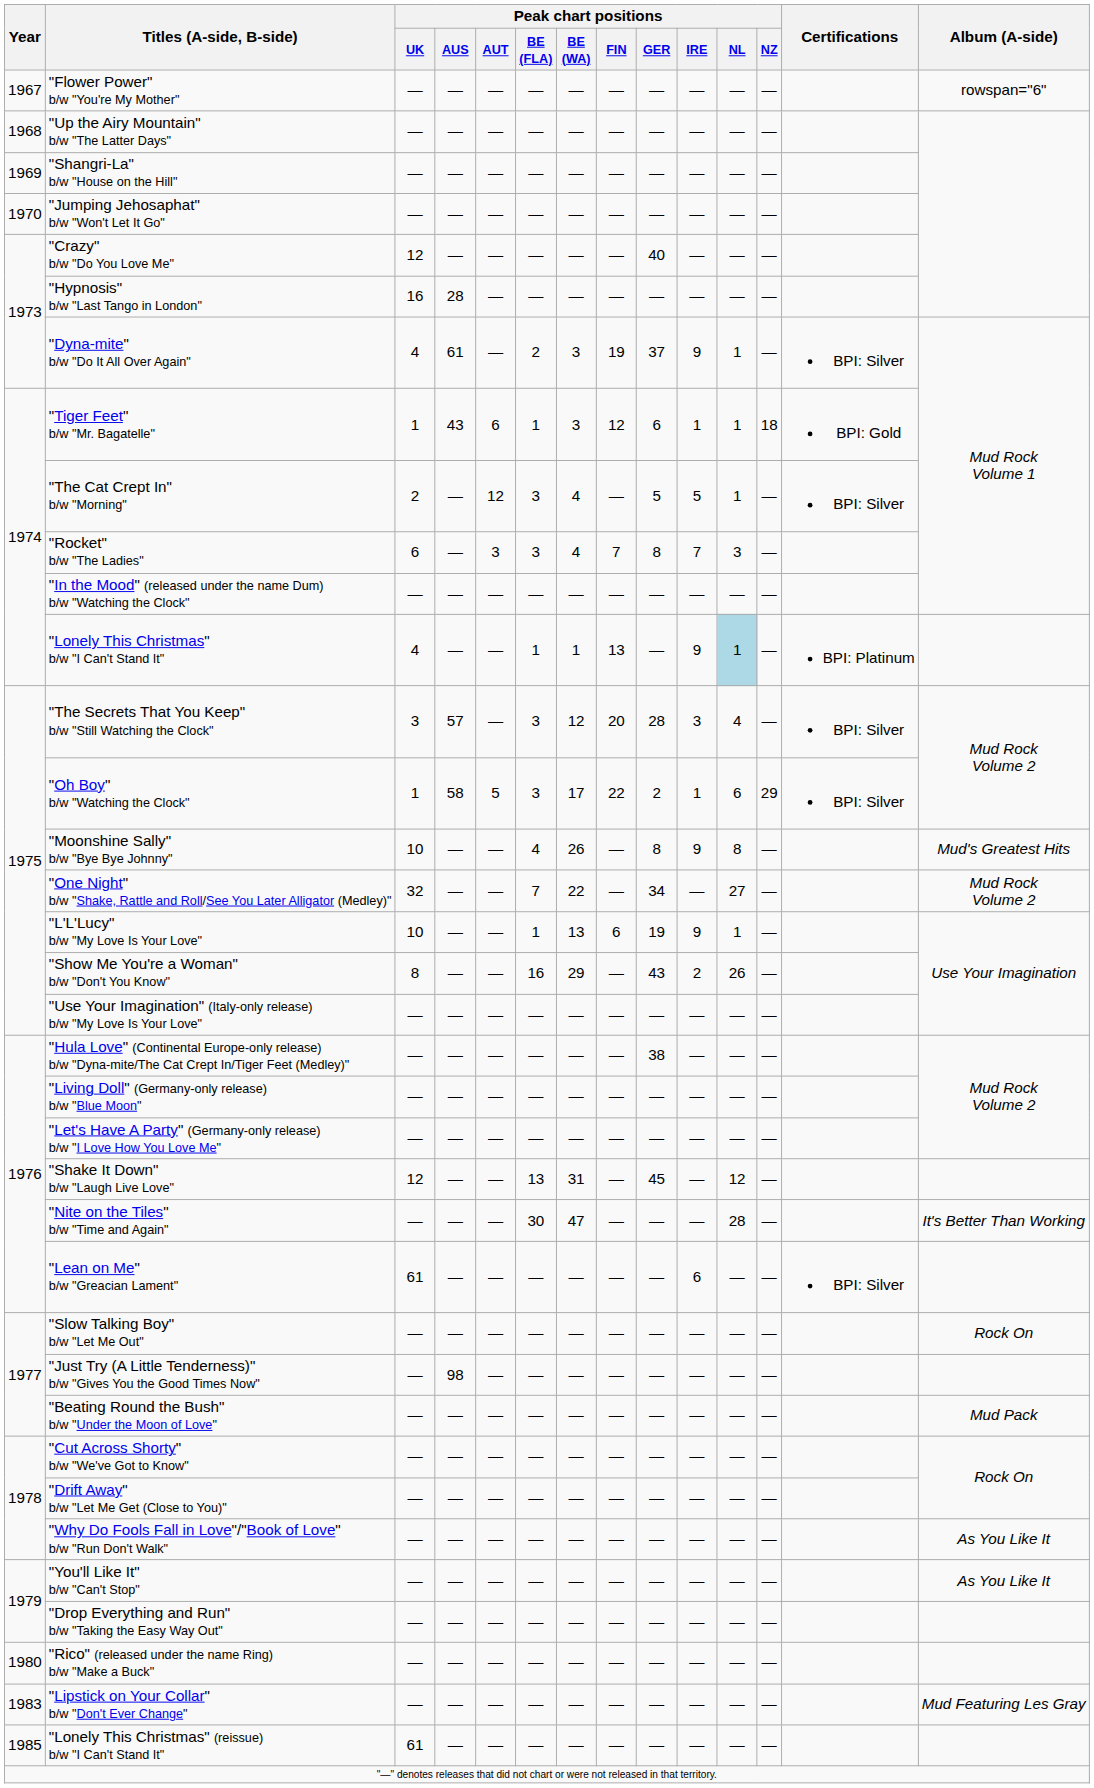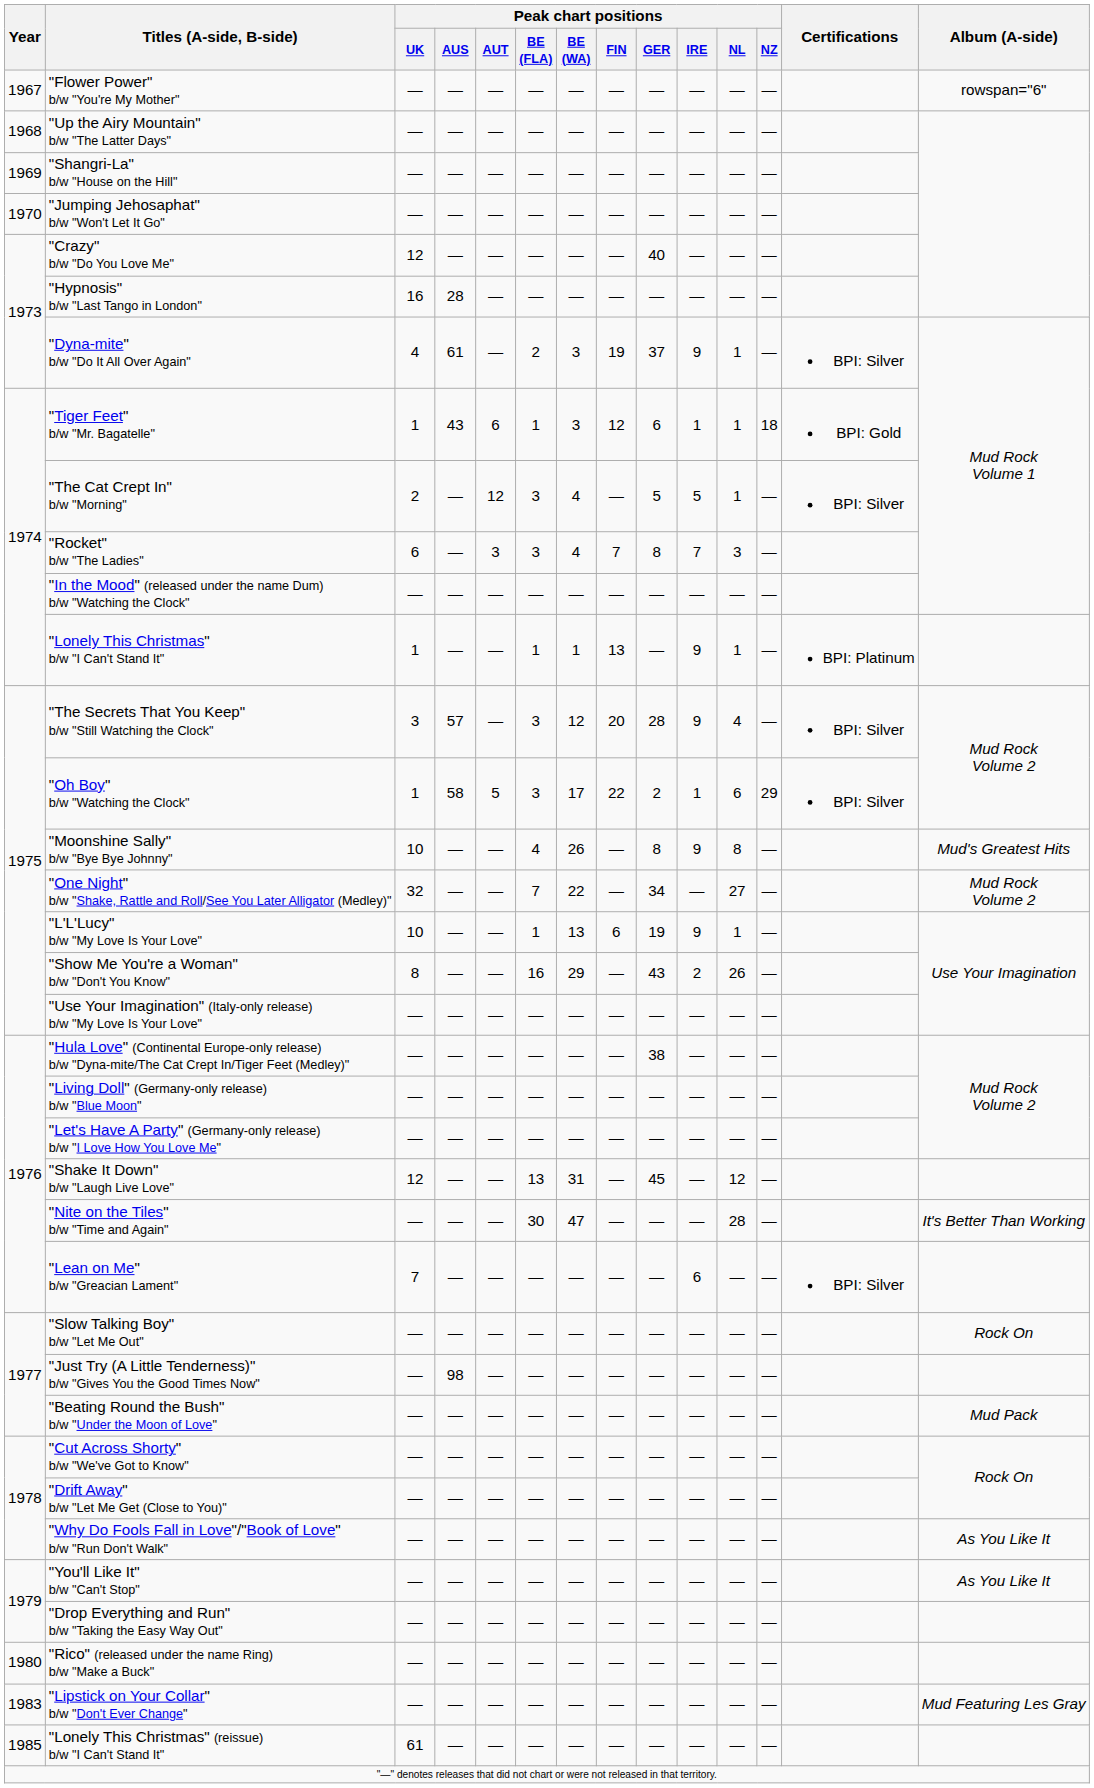 <table class="wikitable" style="text-align:center;">
 <tr>
 <th rowspan="2">Year</th>
 <th rowspan="2">Titles (A-side, B-side)</th>
 <th colspan="10">Peak chart positions</th>
 <th rowspan="2">Certifications</th>
 <th rowspan="2">Album (A-side)</th>
 </tr>
 <tr>
 <th width="35"><small><a href='#'>UK</a></small><br></th>
 <th width="35"><small><a href='#'>AUS</a></small><br></th>
 <th width="35"><small><a href='#'>AUT</a></small><br></th>
 <th width="35"><small><a href='#'>BE (FLA)</a></small><br></th>
 <th width="35"><small><a href='#'>BE (WA)</a></small><br></th>
 <th width="35"><small><a href='#'>FIN</a></small><br></th>
 <th width="35"><small><a href='#'>GER</a></small><br></th>
 <th width="35"><small><a href='#'>IRE</a></small><br></th>
 <th width="35"><small><a href='#'>NL</a></small><br></th>
 <th><small><a href='#'>NZ</a></small><br></th>
 </tr>
 <tr>
 <td rowspan="1">1967</td>
 <td align="left">"Flower Power"<br><small>b/w "You're My Mother"</small></td>
 <td>—</td>
 <td>—</td>
 <td>—</td>
 <td>—</td>
 <td>—</td>
 <td>—</td>
 <td>—</td>
 <td>—</td>
 <td>—</td>
 <td>—</td>
 <td></td>
 <td>rowspan="6" </td>
 </tr>
 <tr>
 <td rowspan="1">1968</td>
 <td align="left">"Up the Airy Mountain"<br><small>b/w "The Latter Days"</small></td>
 <td>—</td>
 <td>—</td>
 <td>—</td>
 <td>—</td>
 <td>—</td>
 <td>—</td>
 <td>—</td>
 <td>—</td>
 <td>—</td>
 <td>—</td>
 <td></td>
 </tr>
 <tr>
 <td rowspan="1">1969</td>
 <td align="left">"Shangri-La"<br><small>b/w "House on the Hill"</small></td>
 <td>—</td>
 <td>—</td>
 <td>—</td>
 <td>—</td>
 <td>—</td>
 <td>—</td>
 <td>—</td>
 <td>—</td>
 <td>—</td>
 <td>—</td>
 <td></td>
 </tr>
 <tr>
 <td rowspan="1">1970</td>
 <td align="left">"Jumping Jehosaphat"<br><small>b/w "Won't Let It Go"</small></td>
 <td>—</td>
 <td>—</td>
 <td>—</td>
 <td>—</td>
 <td>—</td>
 <td>—</td>
 <td>—</td>
 <td>—</td>
 <td>—</td>
 <td>—</td>
 <td></td>
 </tr>
 <tr>
 <td rowspan="3">1973</td>
 <td align="left">"Crazy"<br><small>b/w "Do You Love Me"</small></td>
 <td>12</td>
 <td>—</td>
 <td>—</td>
 <td>—</td>
 <td>—</td>
 <td>—</td>
 <td>40</td>
 <td>—</td>
 <td>—</td>
 <td>—</td>
 <td></td>
 </tr>
 <tr>
 <td align="left">"Hypnosis"<br><small>b/w "Last Tango in London"</small></td>
 <td>16</td>
 <td>28</td>
 <td>—</td>
 <td>—</td>
 <td>—</td>
 <td>—</td>
 <td>—</td>
 <td>—</td>
 <td>—</td>
 <td>—</td>
 <td></td>
 </tr>
 <tr>
 <td align="left">"<a href='#'>Dyna-mite</a>"<br><small>b/w "Do It All Over Again"</small></td>
 <td>4</td>
 <td>61</td>
 <td>—</td>
 <td>2</td>
 <td>3</td>
 <td>19</td>
 <td>37</td>
 <td>9</td>
 <td>1</td>
 <td>—</td>
 <td><br><ul><li>BPI: Silver</li></ul></td>
 <td rowspan="5"><em>Mud Rock<br>Volume 1</em></td>
 </tr>
 <tr>
 <td rowspan="5">1974</td>
 <td align="left">"<a href='#'>Tiger Feet</a>"<br><small>b/w "Mr. Bagatelle"</small></td>
 <td>1</td>
 <td>43</td>
 <td>6</td>
 <td>1</td>
 <td>3</td>
 <td>12</td>
 <td>6</td>
 <td>1</td>
 <td>1</td>
 <td>18</td>
 <td><br><ul><li>BPI: Gold</li></ul></td>
 </tr>
 <tr>
 <td align="left">"The Cat Crept In"<br><small>b/w "Morning"</small></td>
 <td>2</td>
 <td>—</td>
 <td>12</td>
 <td>3</td>
 <td>4</td>
 <td>—</td>
 <td>5</td>
 <td>5</td>
 <td>1</td>
 <td>—</td>
 <td><br><ul><li>BPI: Silver</li></ul></td>
 </tr>
 <tr>
 <td align="left">"Rocket"<br><small>b/w "The Ladies"</small></td>
 <td>6</td>
 <td>—</td>
 <td>3</td>
 <td>3</td>
 <td>4</td>
 <td>7</td>
 <td>8</td>
 <td>7</td>
 <td>3</td>
 <td>—</td>
 <td></td>
 </tr>
 <tr>
 <td align="left">"<a href='#'>In the Mood</a>" <small>(released under the name Dum)</small><br><small>b/w "Watching the Clock"</small></td>
 <td>—</td>
 <td>—</td>
 <td>—</td>
 <td>—</td>
 <td>—</td>
 <td>—</td>
 <td>—</td>
 <td>—</td>
 <td>—</td>
 <td>—</td>
 <td></td>
 </tr>
 <tr>
 <td align="left">"<a href='#'>Lonely This Christmas</a>"<br><small>b/w "I Can't Stand It"</small></td>
-<td>4</td>
+<td>1</td>
 <td>—</td>
 <td>—</td>
 <td>1</td>
 <td>1</td>
 <td>13</td>
 <td>—</td>
 <td>9</td>
-<td style="background: lightblue;">1</td>
+<td>1</td>
 <td>—</td>
 <td><br><ul><li>BPI: Platinum</li></ul></td>
 <td></td>
 </tr>
 <tr>
 <td rowspan="7">1975</td>
 <td align="left">"The Secrets That You Keep"<br><small>b/w "Still Watching the Clock"</small></td>
 <td>3</td>
 <td>57</td>
 <td>—</td>
 <td>3</td>
 <td>12</td>
 <td>20</td>
 <td>28</td>
-<td>3</td>
+<td>9</td>
 <td>4</td>
 <td>—</td>
 <td><br><ul><li>BPI: Silver</li></ul></td>
 <td rowspan="2"><em>Mud Rock<br>Volume 2</em></td>
 </tr>
 <tr>
 <td align="left">"<a href='#'>Oh Boy</a>"<br><small>b/w "Watching the Clock"</small></td>
 <td>1</td>
 <td>58</td>
 <td>5</td>
 <td>3</td>
 <td>17</td>
 <td>22</td>
 <td>2</td>
 <td>1</td>
 <td>6</td>
 <td>29</td>
 <td><br><ul><li>BPI: Silver</li></ul></td>
 </tr>
 <tr>
 <td align="left">"Moonshine Sally"<br><small>b/w "Bye Bye Johnny"</small></td>
 <td>10</td>
 <td>—</td>
 <td>—</td>
 <td>4</td>
 <td>26</td>
 <td>—</td>
 <td>8</td>
 <td>9</td>
 <td>8</td>
 <td>—</td>
 <td></td>
 <td><em>Mud's Greatest Hits</em></td>
 </tr>
 <tr>
 <td align="left">"<a href='#'>One Night</a>"<br><small>b/w "<a href='#'>Shake, Rattle and Roll</a>/<a href='#'>See You Later Alligator</a> (Medley)"</small></td>
 <td>32</td>
 <td>—</td>
 <td>—</td>
 <td>7</td>
 <td>22</td>
 <td>—</td>
 <td>34</td>
 <td>—</td>
 <td>27</td>
 <td>—</td>
 <td></td>
 <td><em>Mud Rock<br>Volume 2</em></td>
 </tr>
 <tr>
 <td align="left">"L'L'Lucy"<br><small>b/w "My Love Is Your Love"</small></td>
 <td>10</td>
 <td>—</td>
 <td>—</td>
 <td>1</td>
 <td>13</td>
 <td>6</td>
 <td>19</td>
 <td>9</td>
 <td>1</td>
 <td>—</td>
 <td></td>
 <td rowspan="3"><em>Use Your Imagination</em></td>
 </tr>
 <tr>
 <td align="left">"Show Me You're a Woman"<br><small>b/w "Don't You Know"</small></td>
 <td>8</td>
 <td>—</td>
 <td>—</td>
 <td>16</td>
 <td>29</td>
 <td>—</td>
 <td>43</td>
 <td>2</td>
 <td>26</td>
 <td>—</td>
 <td></td>
 </tr>
 <tr>
 <td align="left">"Use Your Imagination" <small>(Italy-only release)</small><br><small>b/w "My Love Is Your Love"</small></td>
 <td>—</td>
 <td>—</td>
 <td>—</td>
 <td>—</td>
 <td>—</td>
 <td>—</td>
 <td>—</td>
 <td>—</td>
 <td>—</td>
 <td>—</td>
 <td></td>
 </tr>
 <tr>
 <td rowspan="6">1976</td>
 <td align="left">"<a href='#'>Hula Love</a>" <small>(Continental Europe-only release)</small><br><small>b/w "Dyna-mite/The Cat Crept In/Tiger Feet (Medley)"</small></td>
 <td>—</td>
 <td>—</td>
 <td>—</td>
 <td>—</td>
 <td>—</td>
 <td>—</td>
 <td>38</td>
 <td>—</td>
 <td>—</td>
 <td>—</td>
 <td></td>
 <td rowspan="3"><em>Mud Rock<br>Volume 2</em></td>
 </tr>
 <tr>
 <td align="left">"<a href='#'>Living Doll</a>" <small>(Germany-only release)</small><br><small>b/w "<a href='#'>Blue Moon</a>"</small></td>
 <td>—</td>
 <td>—</td>
 <td>—</td>
 <td>—</td>
 <td>—</td>
 <td>—</td>
 <td>—</td>
 <td>—</td>
 <td>—</td>
 <td>—</td>
 <td></td>
 </tr>
 <tr>
 <td align="left">"<a href='#'>Let's Have A Party</a>" <small>(Germany-only release)</small><br><small>b/w "<a href='#'>I Love How You Love Me</a>"</small></td>
 <td>—</td>
 <td>—</td>
 <td>—</td>
 <td>—</td>
 <td>—</td>
 <td>—</td>
 <td>—</td>
 <td>—</td>
 <td>—</td>
 <td>—</td>
 <td></td>
 </tr>
 <tr>
 <td align="left">"Shake It Down"<br><small>b/w "Laugh Live Love"</small></td>
 <td>12</td>
 <td>—</td>
 <td>—</td>
 <td>13</td>
 <td>31</td>
 <td>—</td>
 <td>45</td>
 <td>—</td>
 <td>12</td>
 <td>—</td>
 <td></td>
 <td></td>
 </tr>
 <tr>
 <td align="left">"<a href='#'>Nite on the Tiles</a>"<br><small>b/w "Time and Again"</small></td>
 <td>—</td>
 <td>—</td>
 <td>—</td>
 <td>30</td>
 <td>47</td>
 <td>—</td>
 <td>—</td>
 <td>—</td>
 <td>28</td>
 <td>—</td>
 <td></td>
 <td><em>It's Better Than Working</em></td>
 </tr>
 <tr>
 <td align="left">"<a href='#'>Lean on Me</a>"<br><small>b/w "Greacian Lament"</small></td>
-<td>61</td>
+<td>7</td>
 <td>—</td>
 <td>—</td>
 <td>—</td>
 <td>—</td>
 <td>—</td>
 <td>—</td>
 <td>6</td>
 <td>—</td>
 <td>—</td>
 <td><br><ul><li>BPI: Silver</li></ul></td>
 <td></td>
 </tr>
 <tr>
 <td rowspan="3">1977</td>
 <td align="left">"Slow Talking Boy"<br><small>b/w "Let Me Out"</small></td>
 <td>—</td>
 <td>—</td>
 <td>—</td>
 <td>—</td>
 <td>—</td>
 <td>—</td>
 <td>—</td>
 <td>—</td>
 <td>—</td>
 <td>—</td>
 <td></td>
 <td><em>Rock On</em></td>
 </tr>
 <tr>
 <td align="left">"Just Try (A Little Tenderness)"<br><small>b/w "Gives You the Good Times Now"</small></td>
 <td>—</td>
 <td>98</td>
 <td>—</td>
 <td>—</td>
 <td>—</td>
 <td>—</td>
 <td>—</td>
 <td>—</td>
 <td>—</td>
 <td>—</td>
 <td></td>
 <td></td>
 </tr>
 <tr>
 <td align="left">"Beating Round the Bush"<br><small>b/w "<a href='#'>Under the Moon of Love</a>"</small></td>
 <td>—</td>
 <td>—</td>
 <td>—</td>
 <td>—</td>
 <td>—</td>
 <td>—</td>
 <td>—</td>
 <td>—</td>
 <td>—</td>
 <td>—</td>
 <td></td>
 <td><em>Mud Pack</em></td>
 </tr>
 <tr>
 <td rowspan="3">1978</td>
 <td align="left">"<a href='#'>Cut Across Shorty</a>"<br><small>b/w "We've Got to Know"</small></td>
 <td>—</td>
 <td>—</td>
 <td>—</td>
 <td>—</td>
 <td>—</td>
 <td>—</td>
 <td>—</td>
 <td>—</td>
 <td>—</td>
 <td>—</td>
 <td></td>
 <td rowspan="2"><em>Rock On</em></td>
 </tr>
 <tr>
 <td align="left">"<a href='#'>Drift Away</a>"<br><small>b/w "Let Me Get (Close to You)"</small></td>
 <td>—</td>
 <td>—</td>
 <td>—</td>
 <td>—</td>
 <td>—</td>
 <td>—</td>
 <td>—</td>
 <td>—</td>
 <td>—</td>
 <td>—</td>
 <td></td>
 </tr>
 <tr>
 <td align="left">"<a href='#'>Why Do Fools Fall in Love</a>"/"<a href='#'>Book of Love</a>"<br><small>b/w "Run Don't Walk"</small></td>
 <td>—</td>
 <td>—</td>
 <td>—</td>
 <td>—</td>
 <td>—</td>
 <td>—</td>
 <td>—</td>
 <td>—</td>
 <td>—</td>
 <td>—</td>
 <td></td>
 <td><em>As You Like It</em></td>
 </tr>
 <tr>
 <td rowspan="2">1979</td>
 <td align="left">"You'll Like It"<br><small>b/w "Can't Stop"</small></td>
 <td>—</td>
 <td>—</td>
 <td>—</td>
 <td>—</td>
 <td>—</td>
 <td>—</td>
 <td>—</td>
 <td>—</td>
 <td>—</td>
 <td>—</td>
 <td></td>
 <td><em>As You Like It</em></td>
 </tr>
 <tr>
 <td align="left">"Drop Everything and Run"<br><small>b/w "Taking the Easy Way Out"</small></td>
 <td>—</td>
 <td>—</td>
 <td>—</td>
 <td>—</td>
 <td>—</td>
 <td>—</td>
 <td>—</td>
 <td>—</td>
 <td>—</td>
 <td>—</td>
 <td></td>
 <td></td>
 </tr>
 <tr>
 <td rowspan="1">1980</td>
 <td align="left">"Rico" <small>(released under the name Ring)</small><br><small>b/w "Make a Buck"</small></td>
 <td>—</td>
 <td>—</td>
 <td>—</td>
 <td>—</td>
 <td>—</td>
 <td>—</td>
 <td>—</td>
 <td>—</td>
 <td>—</td>
 <td>—</td>
 <td></td>
 <td></td>
 </tr>
 <tr>
 <td rowspan="1">1983</td>
 <td align="left">"<a href='#'>Lipstick on Your Collar</a>"<br><small>b/w "<a href='#'>Don't Ever Change</a>"</small></td>
 <td>—</td>
 <td>—</td>
 <td>—</td>
 <td>—</td>
 <td>—</td>
 <td>—</td>
 <td>—</td>
 <td>—</td>
 <td>—</td>
 <td>—</td>
 <td></td>
 <td><em>Mud Featuring Les Gray</em></td>
 </tr>
 <tr>
 <td rowspan="1">1985</td>
 <td align="left">"Lonely This Christmas" <small>(reissue)</small><br><small>b/w "I Can't Stand It"</small></td>
 <td>61</td>
 <td>—</td>
 <td>—</td>
 <td>—</td>
 <td>—</td>
 <td>—</td>
 <td>—</td>
 <td>—</td>
 <td>—</td>
 <td>—</td>
 <td></td>
 <td></td>
 </tr>
 <tr>
 <td colspan="14" style="font-size:8pt">"—" denotes releases that did not chart or were not released in that territory.</td>
 </tr>
 </table>
